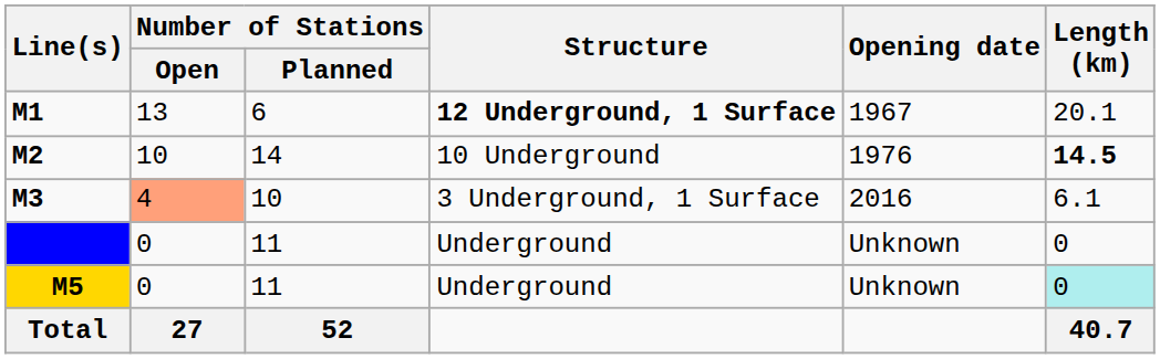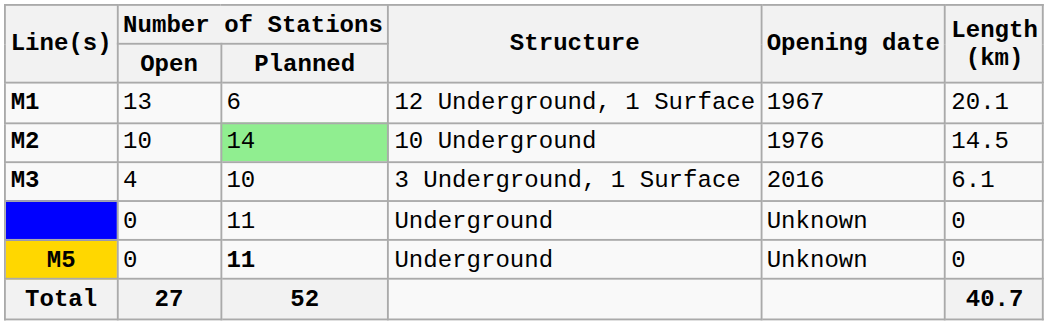 <table class="wikitable sortable">
 <tr>
 <th rowspan=2 data-sort-type="number">Line(s)</th>
 <th colspan=2>Number of Stations</th>
 <th rowspan=2>Structure</th>
 <th rowspan=2>Opening date</th>
 <th rowspan=2>Length<br>(km)</th>
 </tr>
 <tr>
 <th>Open</th>
 <th>Planned</th>
 </tr>
 <tr>
 <td style="background: #"><strong>M1</strong></td>
 <td>13</td>
 <td>6</td>
-<td><strong>12 Underground, 1 Surface</strong></td>
+<td>12 Underground, 1 Surface</td>
 <td>1967</td>
 <td>20.1</td>
 </tr>
 <tr>
 <td style="background: #"><strong>M2</strong></td>
 <td>10</td>
-<td>14</td>
+<td style="background: lightgreen;">14</td>
 <td>10 Underground</td>
 <td>1976</td>
-<td><strong>14.5</strong></td>
+<td>14.5</td>
 </tr>
 <tr>
 <td style="background: #"><strong>M3</strong></td>
-<td style="background: lightsalmon;">4</td>
+<td>4</td>
 <td>10</td>
 <td>3 Underground, 1 Surface</td>
 <td>2016</td>
 <td>6.1</td>
 </tr>
 <tr>
 <td style="background: blue; text-align: center;"></td>
 <td>0</td>
 <td>11</td>
 <td>Underground</td>
 <td>Unknown</td>
 <td>0</td>
 </tr>
 <tr>
 <td style="background: gold; text-align: center;"><strong>M5</strong></td>
 <td>0</td>
-<td>11</td>
+<td><strong>11</strong></td>
 <td>Underground</td>
 <td>Unknown</td>
-<td style="background: paleturquoise;">0</td>
+<td>0</td>
 </tr>
 <tr>
 <th>Total</th>
 <th>27</th>
 <th>52</th>
 <td></td>
 <td></td>
 <th>40.7</th>
 </tr>
 </table>
